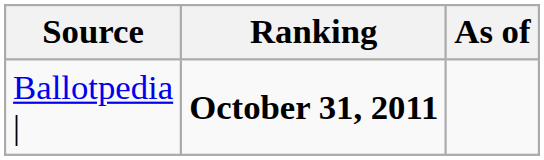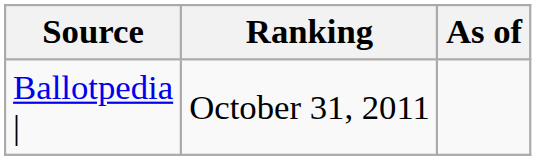 <table class="wikitable" style="text-align:center">
 <tr>
 <th>Source</th>
 <th>Ranking</th>
 <th>As of</th>
 </tr>
 <tr>
 <td align=left><a href='#'>Ballotpedia</a><br>| </td>
-<td><strong>October 31, 2011</strong></td>
+<td>October 31, 2011</td>
 </tr>
 </table>
